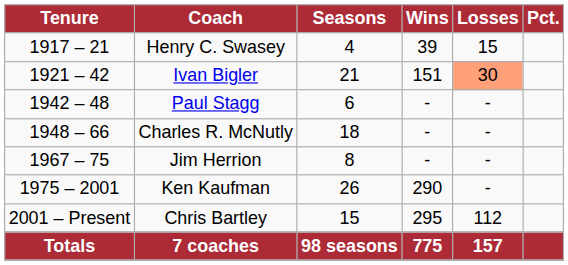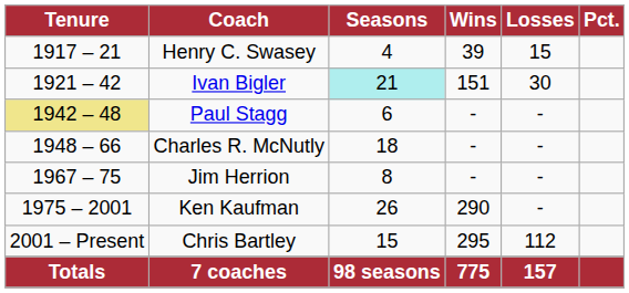 <table class="wikitable" style="text-align:center">
 <tr>
 <th style="background:#AC2B37; border=0; color:white">Tenure</th>
 <th style="background:#AC2B37; border=0; color:white">Coach</th>
 <th style="background:#AC2B37; border=0; color:white">Seasons</th>
 <th style="background:#AC2B37; border=0; color:white">Wins</th>
 <th style="background:#AC2B37; border=0; color:white">Losses</th>
 <th style="background:#AC2B37; border=0; color:white">Pct.</th>
 </tr>
 <tr>
 <td>1917 – 21</td>
 <td>Henry C. Swasey</td>
 <td>4</td>
 <td>39</td>
 <td>15</td>
 <td></td>
 </tr>
 <tr>
 <td>1921 – 42</td>
 <td><a href='#'>Ivan Bigler</a></td>
-<td>21</td>
+<td style="background: paleturquoise;">21</td>
 <td>151</td>
-<td style="background: lightsalmon;">30</td>
+<td>30</td>
 <td></td>
 </tr>
 <tr>
-<td>1942 – 48</td>
+<td style="background: khaki;">1942 – 48</td>
 <td><a href='#'>Paul Stagg</a></td>
 <td>6</td>
 <td>-</td>
 <td>-</td>
 <td></td>
 </tr>
 <tr>
 <td>1948 – 66</td>
 <td>Charles R. McNutly</td>
 <td>18</td>
 <td>-</td>
 <td>-</td>
 <td></td>
 </tr>
 <tr>
 <td>1967 – 75</td>
 <td>Jim Herrion</td>
 <td>8</td>
 <td>-</td>
 <td>-</td>
 <td></td>
 </tr>
 <tr>
 <td>1975 – 2001</td>
 <td>Ken Kaufman</td>
 <td>26</td>
 <td>290</td>
 <td>-</td>
 <td></td>
 </tr>
 <tr>
 <td>2001 – Present</td>
 <td>Chris Bartley</td>
 <td>15</td>
 <td>295</td>
 <td>112</td>
 <td></td>
 </tr>
 <tr>
 </tr>
 <tr class="sortbottom" style="font-weight:bold; background:#AC2B37; border=0; color:white;">
 <td>Totals</td>
 <td>7 coaches</td>
 <td>98 seasons</td>
 <td>775</td>
 <td>157</td>
 <td></td>
 </tr>
 <tr>
 </tr>
 </table>
